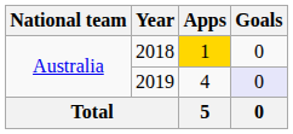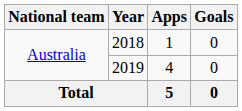 <table class="wikitable" style="text-align:center">
 <tr>
 <th>National team</th>
 <th>Year</th>
 <th>Apps</th>
 <th>Goals</th>
 </tr>
 <tr>
 <td rowspan="2"><a href='#'>Australia</a></td>
 <td>2018</td>
-<td style="background: gold;">1</td>
+<td>1</td>
 <td>0</td>
 </tr>
 <tr>
 <td>2019</td>
 <td>4</td>
-<td style="background: lavender;">0</td>
+<td>0</td>
 </tr>
 <tr>
 <th colspan="2">Total</th>
 <th>5</th>
 <th>0</th>
 </tr>
 </table>
